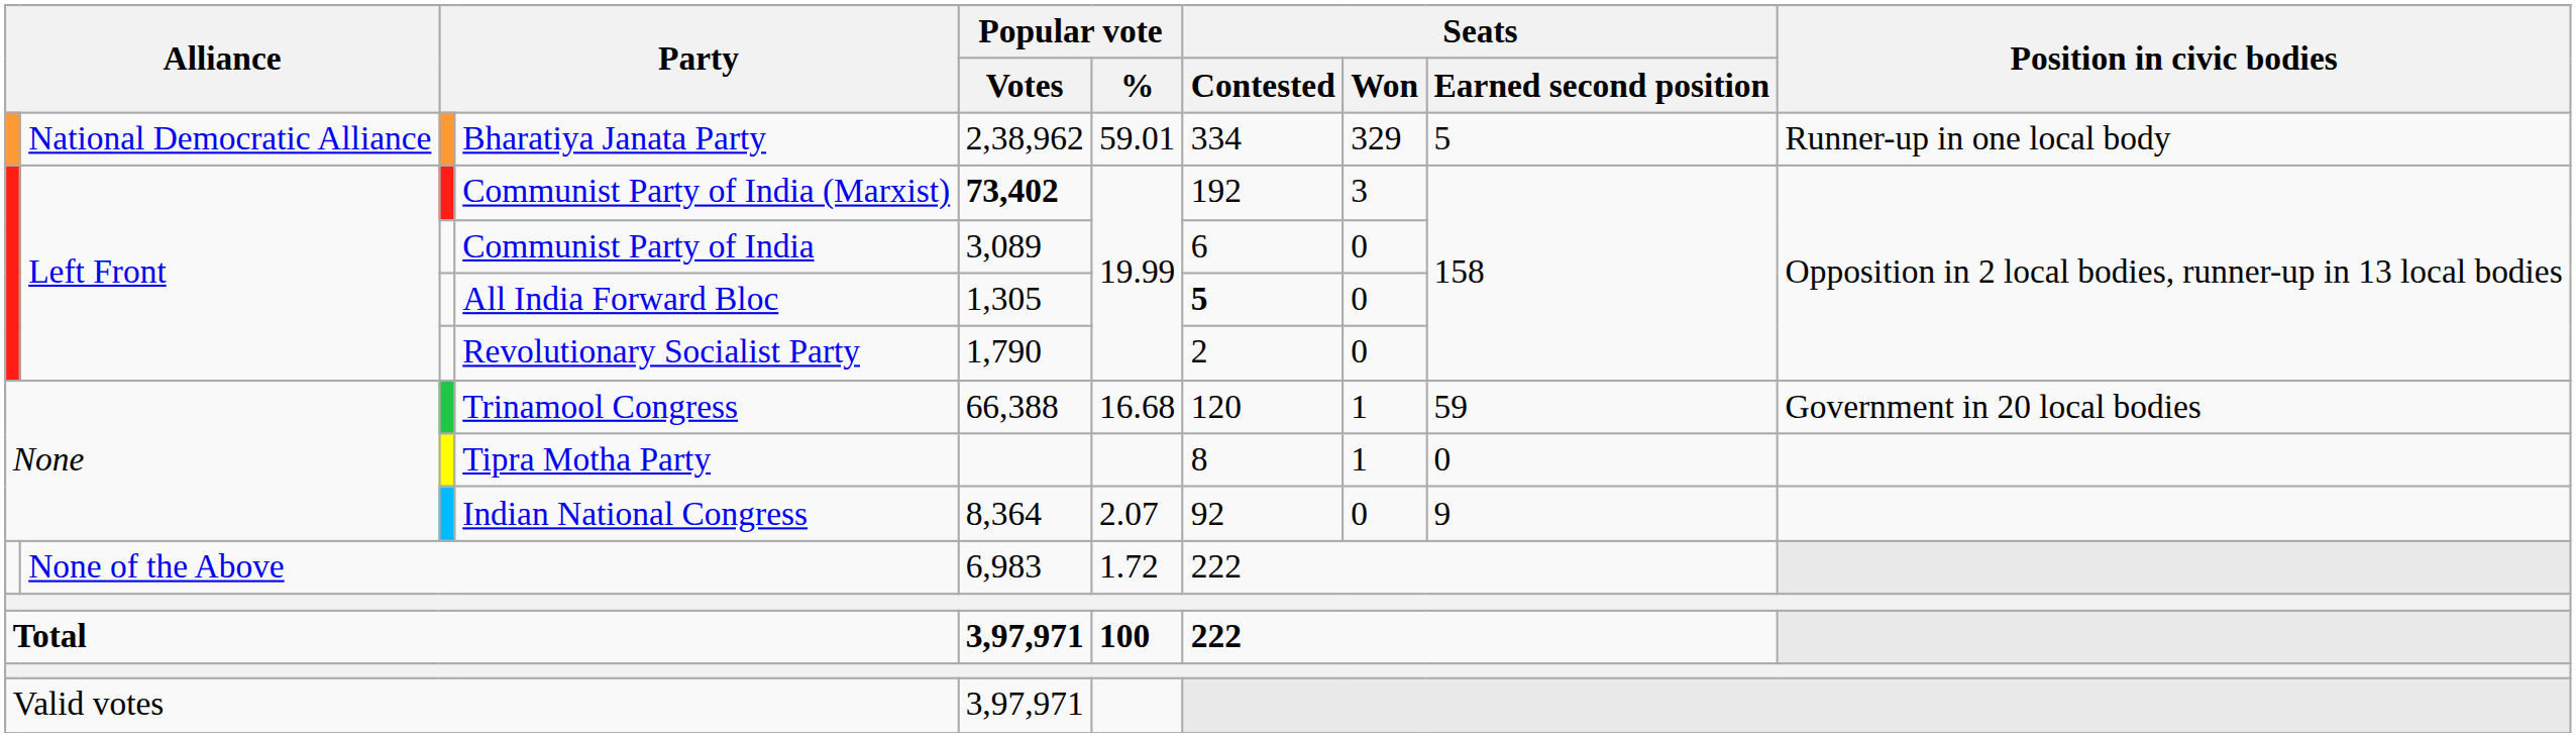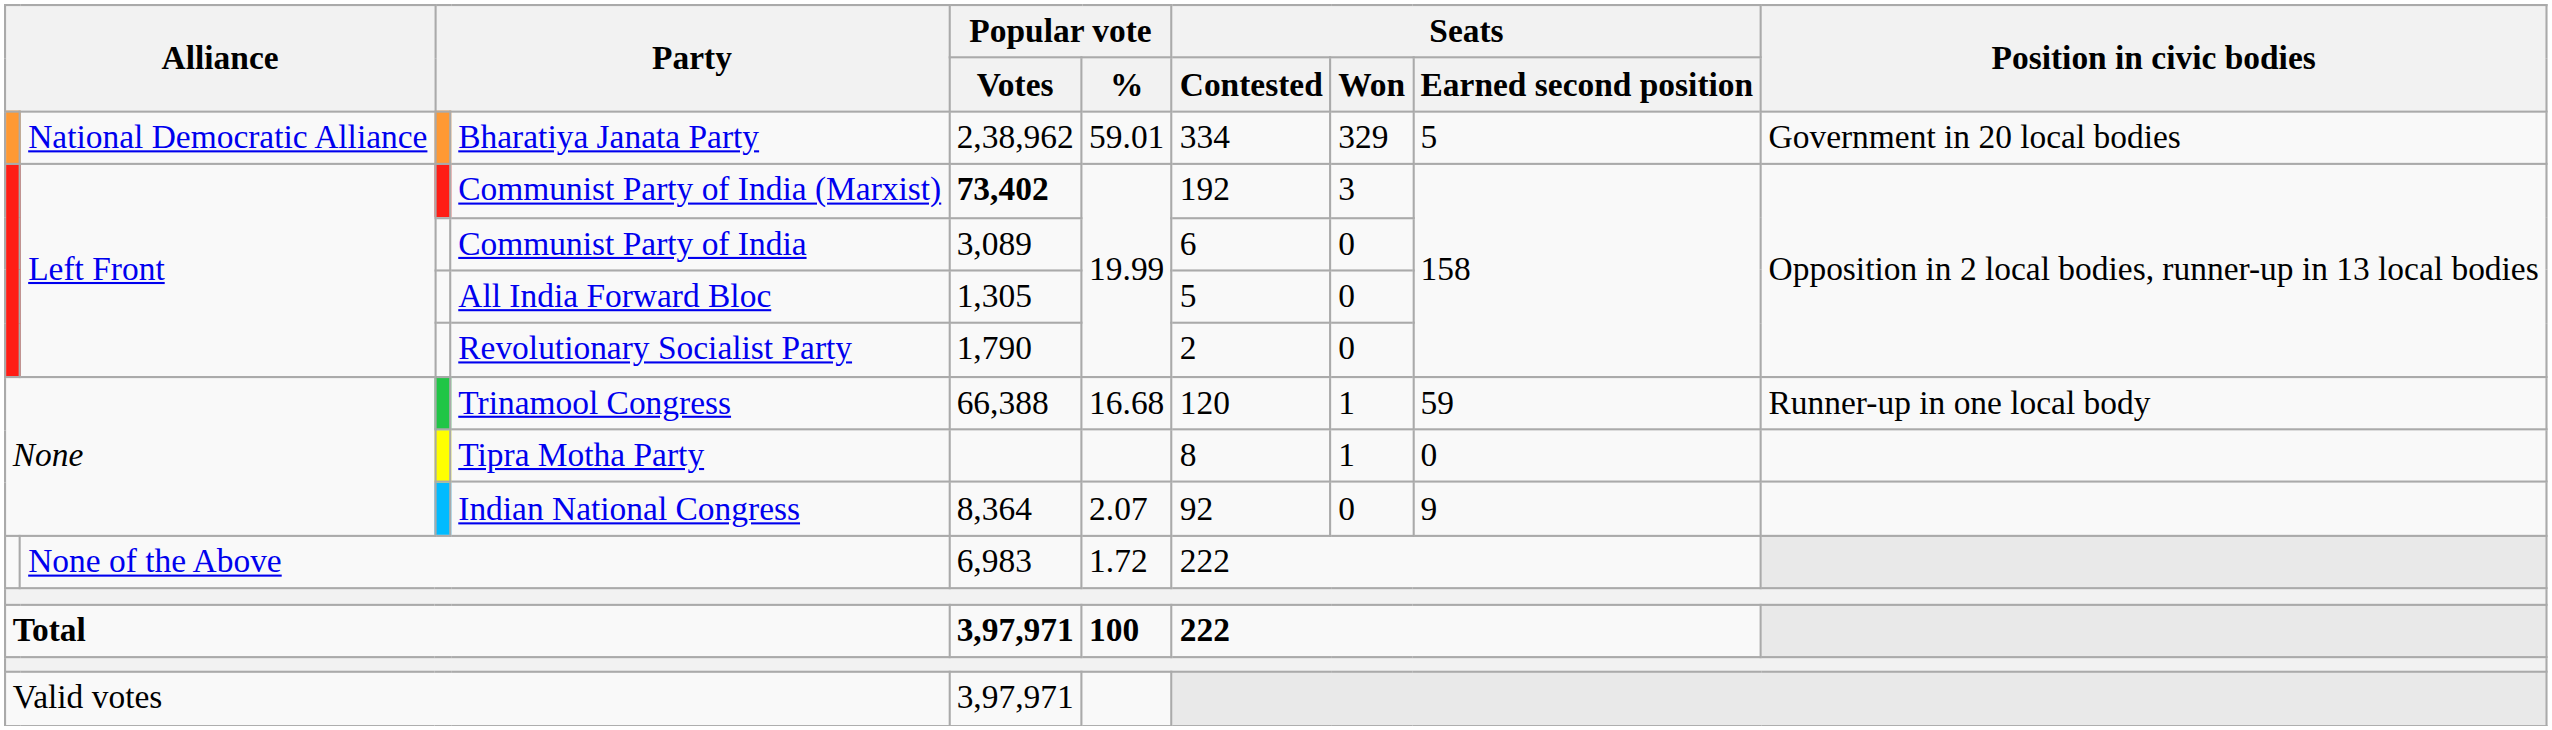 <table class="wikitable">
 <tr>
 <th colspan="2" rowspan="2">Alliance</th>
 <th colspan="2" rowspan="2">Party</th>
 <th colspan="2">Popular vote</th>
 <th colspan="3" rowspan="1">Seats</th>
 <th rowspan="2">Position in civic bodies</th>
 </tr>
 <tr>
 <th>Votes</th>
 <th>%</th>
 <th>Contested</th>
 <th>Won</th>
 <th>Earned second position</th>
 </tr>
 <tr>
 <td bgcolor=#FF9933></td>
 <td><a href='#'>National Democratic Alliance</a></td>
 <td bgcolor=#FF9933></td>
 <td><a href='#'>Bharatiya Janata Party</a></td>
 <td>2,38,962</td>
 <td>59.01</td>
 <td>334</td>
 <td>329</td>
 <td>5</td>
-<td>Runner-up in one local body</td>
+<td>Government in 20 local bodies</td>
 </tr>
 <tr>
 <td rowspan="4" bgcolor=#FF1D15></td>
 <td rowspan="4"><a href='#'>Left Front</a></td>
 <td bgcolor=#FF1D15></td>
 <td><a href='#'>Communist Party of India (Marxist)</a></td>
 <td><strong>73,402</strong></td>
 <td rowspan="4">19.99</td>
 <td>192</td>
 <td>3</td>
 <td rowspan="4">158</td>
 <td rowspan="4">Opposition in 2 local bodies, runner-up in 13 local bodies</td>
 </tr>
 <tr>
 <td></td>
 <td><a href='#'>Communist Party of India</a></td>
 <td>3,089</td>
 <td>6</td>
 <td>0</td>
 </tr>
 <tr>
 <td></td>
 <td><a href='#'>All India Forward Bloc</a></td>
 <td>1,305</td>
-<td><strong>5</strong></td>
+<td>5</td>
 <td>0</td>
 </tr>
 <tr>
 <td></td>
 <td><a href='#'>Revolutionary Socialist Party</a></td>
 <td>1,790</td>
 <td>2</td>
 <td>0</td>
 </tr>
 <tr>
 <td colspan="2" rowspan="3"><em>None</em></td>
 <td bgcolor=#20C646></td>
 <td><a href='#'>Trinamool Congress</a></td>
 <td>66,388</td>
 <td>16.68</td>
 <td>120</td>
 <td>1</td>
 <td>59</td>
-<td>Government in 20 local bodies</td>
+<td>Runner-up in one local body</td>
 </tr>
 <tr>
 <td bgcolor=#FFFF00></td>
 <td><a href='#'>Tipra Motha Party</a></td>
 <td></td>
 <td></td>
 <td>8</td>
 <td>1</td>
 <td>0</td>
 <td></td>
 </tr>
 <tr>
 <td bgcolor=#00BBFF></td>
 <td><a href='#'>Indian National Congress</a></td>
 <td>8,364</td>
 <td>2.07</td>
 <td>92</td>
 <td>0</td>
 <td>9</td>
 <td></td>
 </tr>
 <tr>
 <td></td>
 <td colspan="3"><a href='#'>None of the Above</a></td>
 <td>6,983</td>
 <td>1.72</td>
 <td colspan="3">222</td>
 <td bgcolor="#E9E9E9"></td>
 </tr>
 <tr>
 <th colspan="10"></th>
 </tr>
 <tr>
 <td colspan="4"><strong>Total</strong></td>
 <td><strong>3,97,971</strong></td>
 <td><strong>100</strong></td>
 <td colspan="3"><strong>222</strong></td>
 <td bgcolor="#E9E9E9"></td>
 </tr>
 <tr>
 <th colspan="10"></th>
 </tr>
 <tr>
 <td colspan="4">Valid votes</td>
 <td>3,97,971</td>
 <td></td>
 <td colspan="4" bgcolor="#E9E9E9"></td>
 </tr>
 </table>
